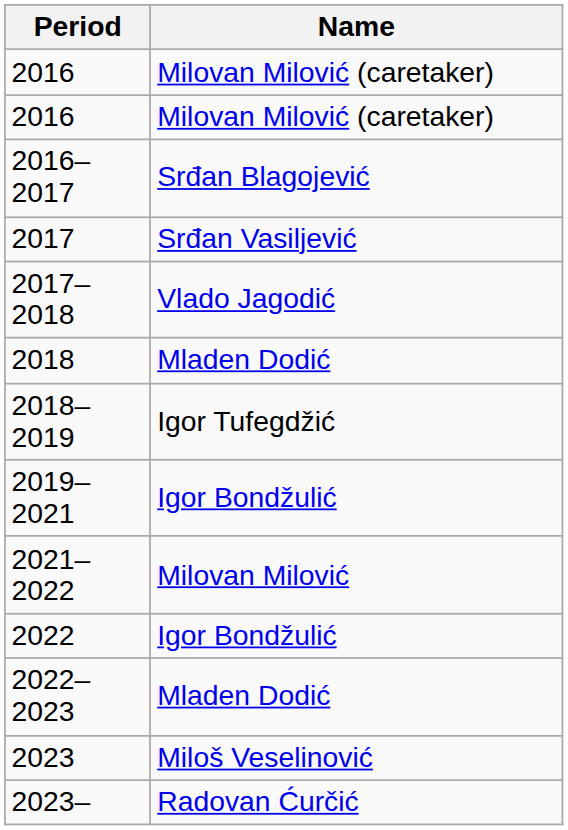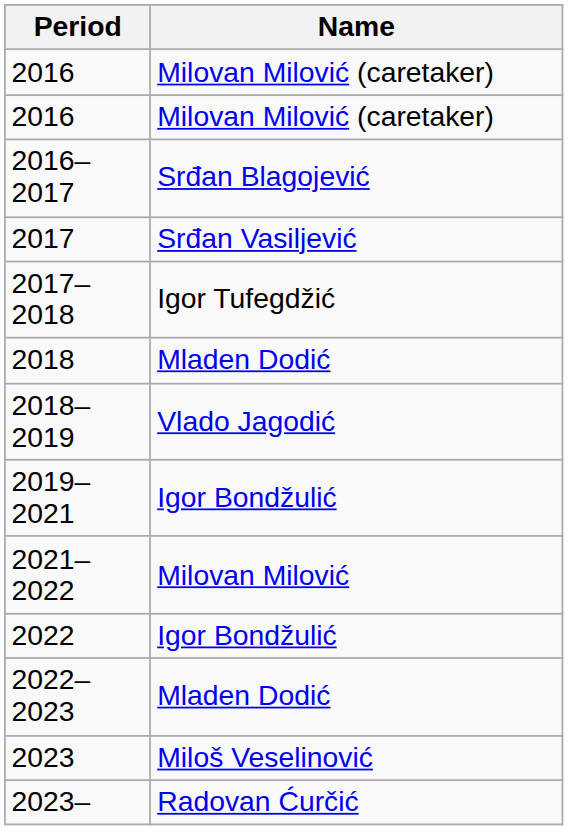 <table class="wikitable">
 <tr>
 <th width="75">Period</th>
 <th width="225">Name</th>
 </tr>
 <tr>
 <td>2016</td>
 <td> <a href='#'>Milovan Milović</a> (caretaker)</td>
 </tr>
 <tr>
 <td>2016</td>
 <td> <a href='#'>Milovan Milović</a> (caretaker)</td>
 </tr>
 <tr>
 <td>2016–2017</td>
 <td> <a href='#'>Srđan Blagojević</a></td>
 </tr>
 <tr>
 <td>2017</td>
 <td> <a href='#'>Srđan Vasiljević</a></td>
 </tr>
 <tr>
 <td>2017–2018</td>
-<td> <a href='#'>Vlado Jagodić</a></td>
+<td> Igor Tufegdžić</td>
 </tr>
 <tr>
 <td>2018</td>
 <td> <a href='#'>Mladen Dodić</a></td>
 </tr>
 <tr>
 <td>2018–2019</td>
-<td> Igor Tufegdžić</td>
+<td> <a href='#'>Vlado Jagodić</a></td>
 </tr>
 <tr>
 <td>2019–2021</td>
 <td> <a href='#'>Igor Bondžulić</a></td>
 </tr>
 <tr>
 <td>2021–2022</td>
 <td> <a href='#'>Milovan Milović</a></td>
 </tr>
 <tr>
 <td>2022</td>
 <td> <a href='#'>Igor Bondžulić</a></td>
 </tr>
 <tr>
 <td>2022–2023</td>
 <td> <a href='#'>Mladen Dodić</a></td>
 </tr>
 <tr>
 <td>2023</td>
 <td> <a href='#'>Miloš Veselinović</a></td>
 </tr>
 <tr>
 <td>2023–</td>
 <td> <a href='#'>Radovan Ćurčić</a></td>
 </tr>
 </table>
